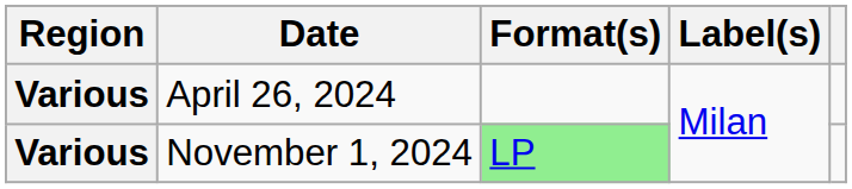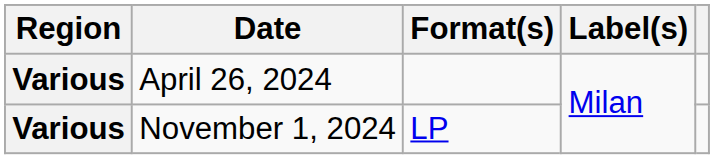 <table class="wikitable plainrowheaders">
 <tr>
 <th scope="col">Region</th>
 <th scope="col">Date</th>
 <th scope="col">Format(s)</th>
 <th scope="col">Label(s)</th>
 <th scope="col"></th>
 </tr>
 <tr>
 <th scope="row">Various</th>
 <td>April 26, 2024</td>
 <td></td>
 <td rowspan="2"><a href='#'>Milan</a></td>
 <td style="text-align:center"></td>
 </tr>
 <tr>
 <th scope="row">Various</th>
 <td>November 1, 2024</td>
-<td style="background: lightgreen;"><a href='#'>LP</a></td>
+<td><a href='#'>LP</a></td>
 <td style="text-align:center"></td>
 </tr>
 </table>
